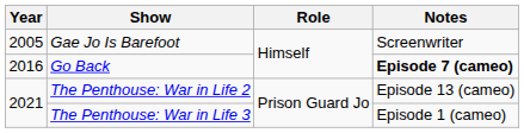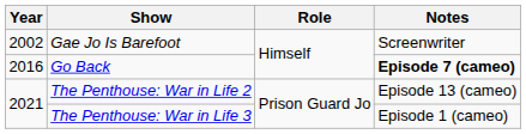 <table class="wikitable sortable">
 <tr>
 <th>Year</th>
 <th>Show</th>
 <th>Role</th>
 <th class="unsortable">Notes</th>
 </tr>
 <tr>
-<td>2005</td>
+<td>2002</td>
 <td><em>Gae Jo Is Barefoot</em></td>
 <td rowspan="2">Himself</td>
 <td>Screenwriter</td>
 </tr>
 <tr>
 <td>2016</td>
 <td><em><a href='#'>Go Back</a></em></td>
 <td><strong>Episode 7 (cameo)</strong></td>
 </tr>
 <tr>
 <td rowspan="2">2021</td>
 <td><em><a href='#'>The Penthouse: War in Life 2</a></em></td>
 <td rowspan="2">Prison Guard Jo</td>
 <td>Episode 13 (cameo)</td>
 </tr>
 <tr>
 <td><em><a href='#'>The Penthouse: War in Life 3</a></em></td>
 <td>Episode 1 (cameo)</td>
 </tr>
 </table>
